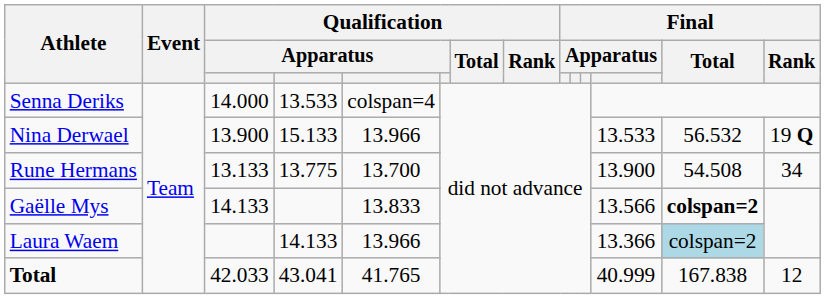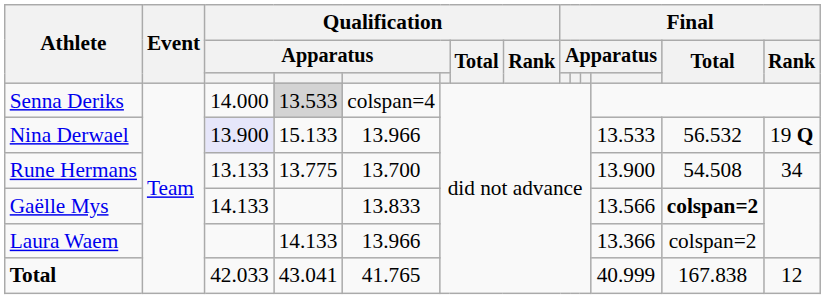 <table class="wikitable" style="font-size:90%">
 <tr>
 <th rowspan=3>Athlete</th>
 <th rowspan=3>Event</th>
 <th colspan=6>Qualification</th>
 <th colspan=6>Final</th>
 </tr>
 <tr style="font-size:95%">
 <th colspan=4>Apparatus</th>
 <th rowspan=2>Total</th>
 <th rowspan=2>Rank</th>
 <th colspan=4>Apparatus</th>
 <th rowspan=2>Total</th>
 <th rowspan=2>Rank</th>
 </tr>
 <tr style="font-size:95%">
 <th></th>
 <th></th>
 <th></th>
 <th></th>
 <th></th>
 <th></th>
 <th></th>
 <th></th>
 </tr>
 <tr align=center>
 <td align=left><a href='#'>Senna Deriks</a></td>
 <td align=left rowspan=6><a href='#'>Team</a></td>
 <td>14.000</td>
-<td>13.533</td>
+<td style="background: lightgrey;">13.533</td>
 <td>colspan=4 </td>
 <td rowspan=6 colspan=6>did not advance</td>
 </tr>
 <tr align=center>
 <td align=left><a href='#'>Nina Derwael</a></td>
-<td>13.900</td>
+<td style="background: lavender;">13.900</td>
 <td>15.133</td>
 <td>13.966</td>
 <td>13.533</td>
 <td>56.532</td>
 <td>19 <strong>Q</strong></td>
 </tr>
 <tr align=center>
 <td align=left><a href='#'>Rune Hermans</a></td>
 <td>13.133</td>
 <td>13.775</td>
 <td>13.700</td>
 <td>13.900</td>
 <td>54.508</td>
 <td>34</td>
 </tr>
 <tr align=center>
 <td align=left><a href='#'>Gaëlle Mys</a></td>
 <td>14.133</td>
 <td></td>
 <td>13.833</td>
 <td>13.566</td>
 <td><strong>colspan=2 </strong></td>
 </tr>
 <tr align=center>
 <td align=left><a href='#'>Laura Waem</a></td>
 <td></td>
 <td>14.133</td>
 <td>13.966</td>
 <td>13.366</td>
-<td style="background: lightblue;">colspan=2 </td>
+<td>colspan=2 </td>
 </tr>
 <tr align=center>
 <td align=left><strong>Total</strong></td>
 <td>42.033</td>
 <td>43.041</td>
 <td>41.765</td>
 <td>40.999</td>
 <td>167.838</td>
 <td>12</td>
 </tr>
 </table>
